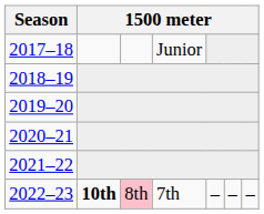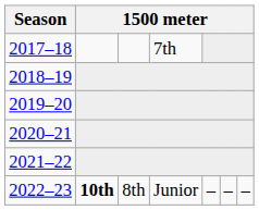 <table class="wikitable" style="display: inline-table">
 <tr>
 <th>Season</th>
 <th colspan="6">1500 meter</th>
 </tr>
 <tr>
 <td><a href='#'>2017–18</a></td>
 <td></td>
 <td></td>
-<td –>Junior</td>
+<td>7th</td>
 <td colspan="3" bgcolor=#EEEEEE></td>
 </tr>
 <tr>
 <td><a href='#'>2018–19</a></td>
 <td colspan="6" bgcolor=#EEEEEE></td>
 </tr>
 <tr>
 <td><a href='#'>2019–20</a></td>
 <td colspan="6" bgcolor=#EEEEEE></td>
 </tr>
 <tr>
 <td><a href='#'>2020–21</a></td>
 <td colspan="6" bgcolor=#EEEEEE></td>
 </tr>
 <tr>
 <td><a href='#'>2021–22</a></td>
 <td colspan="6" bgcolor=#EEEEEE></td>
 </tr>
 <tr>
 <td><a href='#'>2022–23</a></td>
 <td><strong>10th</strong></td>
-<td style="background: pink;">8th</td>
-<td>7th</td>
+<td>8th</td>
+<td –>Junior</td>
 <td>–</td>
 <td>–</td>
 <td>–</td>
 </tr>
 </table>
